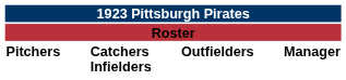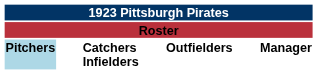 <table class="toccolours" style="font-size: 95%;">
 <tr>
 <th colspan="10" style="background-color: #023465; color: white; text-align: center;">1923 Pittsburgh Pirates</th>
 </tr>
 <tr>
 <td colspan="10" style="background-color: #ba313c; color: black; text-align: center;"><strong>Roster</strong></td>
 </tr>
 <tr>
-<td valign="top"><strong>Pitchers</strong><br>           </td>
+<td valign="top" style="background: lightblue;"><strong>Pitchers</strong><br>           </td>
 <td width="25px"></td>
 <td valign="top"><strong>Catchers</strong><br>   <strong>Infielders</strong>         </td>
 <td width="25px"></td>
 <td valign="top"><strong>Outfielders</strong><br>      </td>
 <td width="25px"></td>
 <td valign="top"><strong>Manager</strong><br></td>
 </tr>
 </table>
